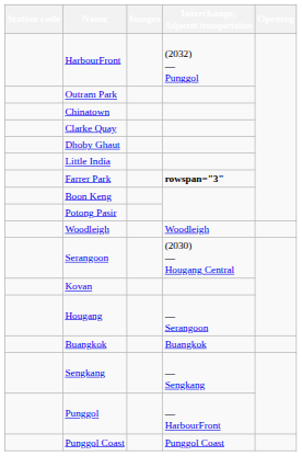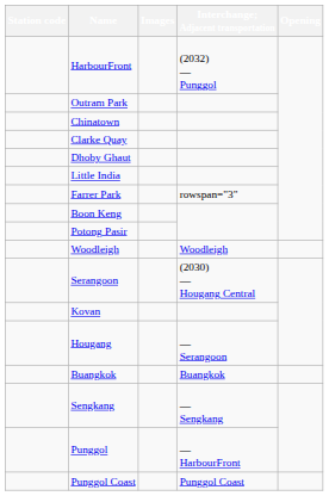 <table class="wikitable" style="color: black; border-collapse: collapse; font-size: 95%">
 <tr>
 <th scope="col" style="color: white; background:#">Station code</th>
 <th scope="col" style="color: white; background:#">Name</th>
 <th scope="col" style="color: white; background:#">Images</th>
 <th scope="col" style="color: white; background:#">Interchange;<br><small>Adjacent transportation</small></th>
 <th scope="col" style="color: white; background:#">Opening</th>
 </tr>
 <tr>
 <td scope="row"></td>
 <td><a href='#'>HarbourFront</a></td>
 <td></td>
 <td><br> (2032)<br>―<br><a href='#'>Punggol</a></td>
 <td rowspan="9"></td>
 </tr>
 <tr>
 <td scope="row"><br></td>
 <td><a href='#'>Outram Park</a></td>
 <td></td>
 <td><br></td>
 </tr>
 <tr>
 <td scope="row"><br></td>
 <td><a href='#'>Chinatown</a></td>
 <td></td>
 <td></td>
 </tr>
 <tr>
 <td scope="row"><br></td>
 <td><a href='#'>Clarke Quay</a></td>
 <td></td>
 <td></td>
 </tr>
 <tr>
 <td scope="row"><br></td>
 <td><a href='#'>Dhoby Ghaut</a></td>
 <td></td>
 <td><br></td>
 </tr>
 <tr>
 <td scope="row"><br></td>
 <td><a href='#'>Little India</a></td>
 <td></td>
 <td></td>
 </tr>
 <tr>
 <td scope="row"><br></td>
 <td><a href='#'>Farrer Park</a></td>
 <td></td>
-<td><strong>rowspan="3" </strong></td>
+<td>rowspan="3" </td>
 </tr>
 <tr>
 <td scope="row"><br></td>
 <td><a href='#'>Boon Keng</a></td>
 <td></td>
 </tr>
 <tr>
 <td scope="row"><br></td>
 <td><a href='#'>Potong Pasir</a></td>
 <td></td>
 </tr>
 <tr>
 <td scope="row"><br></td>
 <td><a href='#'>Woodleigh</a></td>
 <td></td>
 <td><a href='#'>Woodleigh</a></td>
 <td></td>
 </tr>
 <tr>
 <td scope="row"><br></td>
 <td><a href='#'>Serangoon</a></td>
 <td></td>
 <td> (2030)<br>―<br><a href='#'>Hougang Central</a></td>
 <td rowspan="3"></td>
 </tr>
 <tr>
 <td scope="row"><br></td>
 <td><a href='#'>Kovan</a></td>
 <td></td>
 <td></td>
 </tr>
 <tr>
 <td scope="row"><br></td>
 <td><a href='#'>Hougang</a></td>
 <td></td>
 <td><br>―<br><a href='#'>Serangoon</a></td>
 </tr>
 <tr>
 <td scope="row"><br></td>
 <td><a href='#'>Buangkok</a></td>
 <td></td>
 <td><a href='#'>Buangkok</a></td>
 <td></td>
 </tr>
 <tr>
 <td scope="row"><br></td>
 <td><a href='#'>Sengkang</a></td>
 <td></td>
 <td><br>―<br><a href='#'>Sengkang</a></td>
 <td rowspan="2"></td>
 </tr>
 <tr>
 <td scope="row"><br></td>
 <td><a href='#'>Punggol</a></td>
 <td></td>
 <td><br>―<br><a href='#'>HarbourFront</a><br></td>
 </tr>
 <tr>
 <td scope="row"></td>
 <td><a href='#'>Punggol Coast</a></td>
 <td></td>
 <td><a href='#'>Punggol Coast</a></td>
 <td></td>
 </tr>
 </table>
